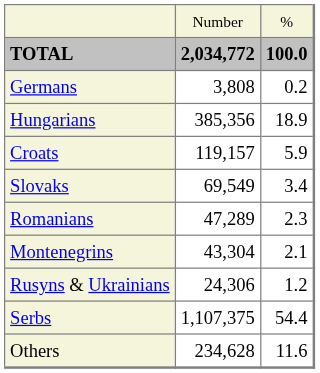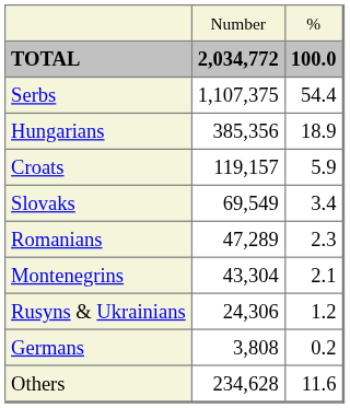 <table border=1 cellpadding=4 cellspacing=0 class="toccolours" style="align: left; margin: 0.5em 0 0 0; border-style: solid; border: 1px solid #7f7f7f; border-right-width: 2px; border-bottom-width: 2px; border-collapse: collapse; font-size: 95%;">
 <tr>
 <td style="background:#F5F5DC;"></td>
 <td style="background:#F5F5DC;" align="center"><small>Number</small></td>
 <td style="background:#F5F5DC;" align="center"><small>%</small></td>
 </tr>
 <tr>
 <td style="background:#c1c1c1;"><strong>TOTAL</strong></td>
 <td colspan=1 style="background:#c1c1c1;" align="center"><strong>2,034,772</strong></td>
 <td colspan=1 style="background:#c1c1c1;" align="center"><strong>100.0</strong></td>
 </tr>
 <tr>
-<td style="background:#F5F5DC;"><a href='#'>Germans</a></td>
-<td align="right">3,808</td>
-<td align="right">0.2</td>
+<td style="background:#F5F5DC;"><a href='#'>Serbs</a></td>
+<td align="right">1,107,375</td>
+<td align="right">54.4</td>
 </tr>
 <tr>
 <td style="background:#F5F5DC;"><a href='#'>Hungarians</a></td>
 <td align="right">385,356</td>
 <td align="right">18.9</td>
 </tr>
 <tr>
 <td style="background:#F5F5DC;"><a href='#'>Croats</a></td>
 <td align="right">119,157</td>
 <td align="right">5.9</td>
 </tr>
 <tr>
 <td style="background:#F5F5DC;"><a href='#'>Slovaks</a></td>
 <td align="right">69,549</td>
 <td align="right">3.4</td>
 </tr>
 <tr>
 <td style="background:#F5F5DC;"><a href='#'>Romanians</a></td>
 <td align="right">47,289</td>
 <td align="right">2.3</td>
 </tr>
 <tr>
 <td style="background:#F5F5DC;"><a href='#'>Montenegrins</a></td>
 <td align="right">43,304</td>
 <td align="right">2.1</td>
 </tr>
 <tr>
 <td style="background:#F5F5DC;"><a href='#'>Rusyns</a> & <a href='#'>Ukrainians</a></td>
 <td align="right">24,306</td>
 <td align="right">1.2</td>
 </tr>
 <tr>
-<td style="background:#F5F5DC;"><a href='#'>Serbs</a></td>
-<td align="right">1,107,375</td>
-<td align="right">54.4</td>
+<td style="background:#F5F5DC;"><a href='#'>Germans</a></td>
+<td align="right">3,808</td>
+<td align="right">0.2</td>
 </tr>
 <tr>
 <td style="background:#F5F5DC;">Others</td>
 <td align="right">234,628</td>
 <td align="right">11.6</td>
 </tr>
 </table>
